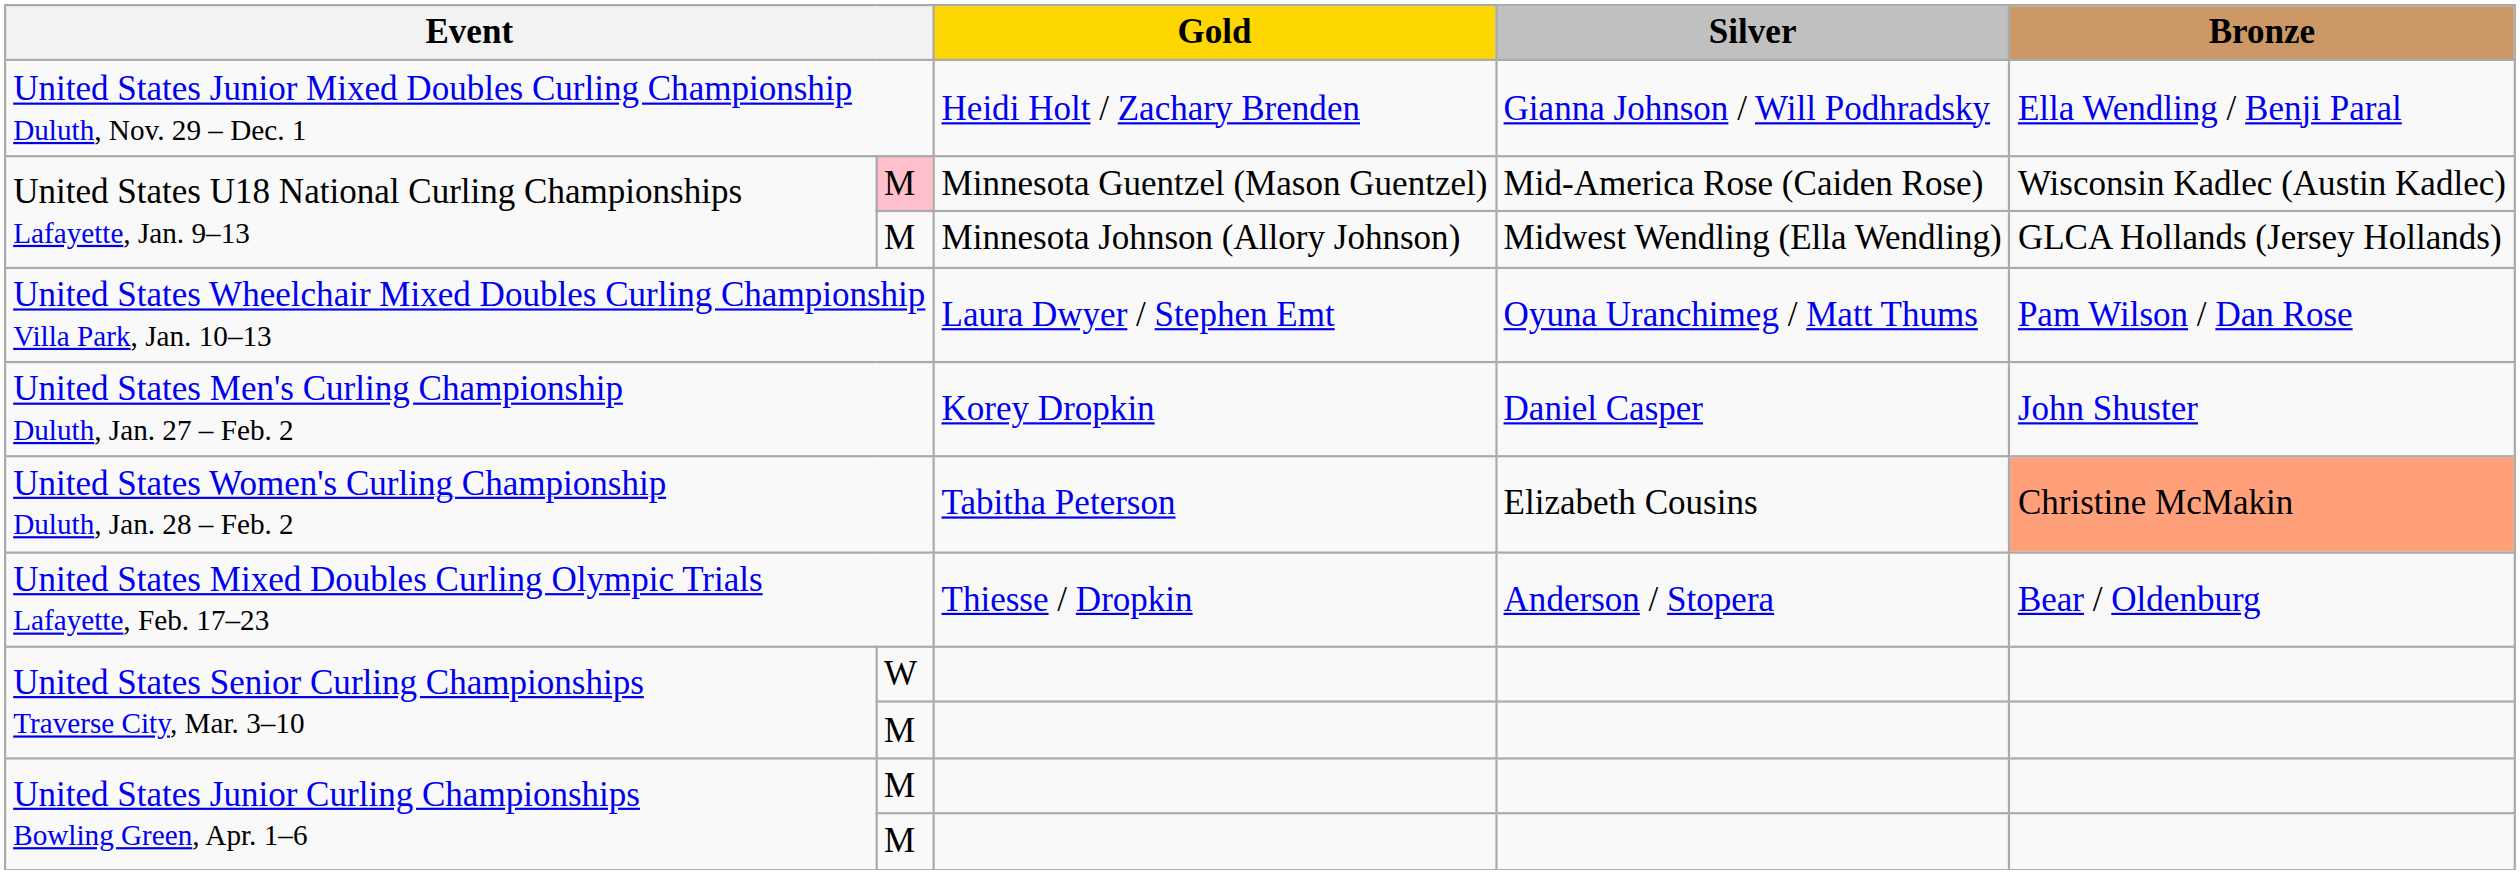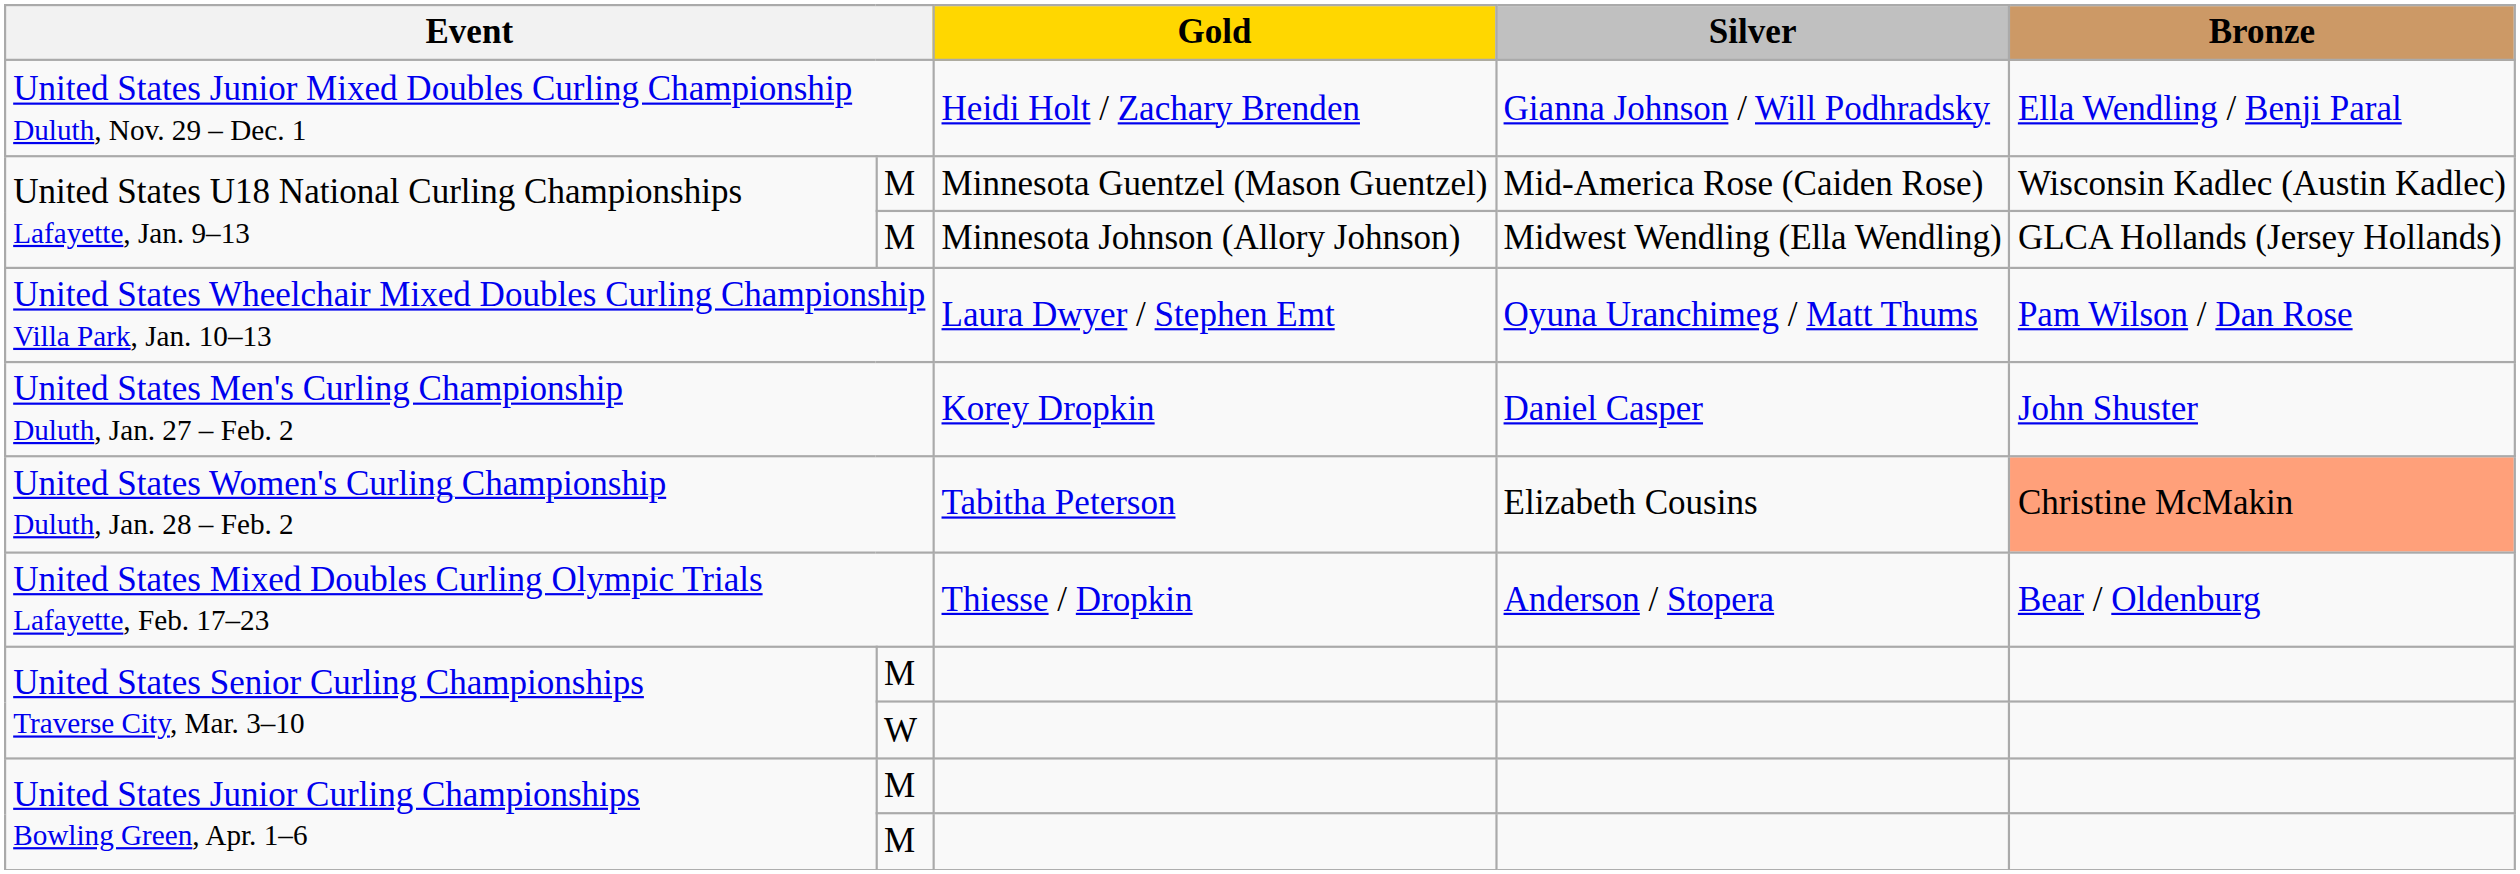 <table class="wikitable">
 <tr>
 <th colspan="2">Event</th>
 <th style="background:gold">Gold</th>
 <th style="background:silver">Silver</th>
 <th style="background:#cc9966">Bronze</th>
 </tr>
 <tr>
 <td colspan="2"><a href='#'>United States Junior Mixed Doubles Curling Championship</a> <br> <small><a href='#'>Duluth</a>, Nov. 29 – Dec. 1</small></td>
 <td><a href='#'>Heidi Holt</a> / <a href='#'>Zachary Brenden</a></td>
 <td><a href='#'>Gianna Johnson</a> / <a href='#'>Will Podhradsky</a></td>
 <td><a href='#'>Ella Wendling</a> / <a href='#'>Benji Paral</a></td>
 </tr>
 <tr>
 <td rowspan="2">United States U18 National Curling Championships <br> <small><a href='#'>Lafayette</a>, Jan. 9–13</small></td>
-<td style="background: pink;">M</td>
+<td>M</td>
 <td>Minnesota Guentzel (Mason Guentzel)</td>
 <td>Mid-America Rose (Caiden Rose)</td>
 <td>Wisconsin Kadlec (Austin Kadlec)</td>
 </tr>
 <tr>
 <td>M</td>
 <td>Minnesota Johnson (Allory Johnson)</td>
 <td>Midwest Wendling (Ella Wendling)</td>
 <td>GLCA Hollands (Jersey Hollands)</td>
 </tr>
 <tr>
 <td colspan="2"><a href='#'>United States Wheelchair Mixed Doubles Curling Championship</a> <br> <small><a href='#'>Villa Park</a>, Jan. 10–13</small></td>
 <td><a href='#'>Laura Dwyer</a> / <a href='#'>Stephen Emt</a></td>
 <td><a href='#'>Oyuna Uranchimeg</a> / <a href='#'>Matt Thums</a></td>
 <td><a href='#'>Pam Wilson</a> / <a href='#'>Dan Rose</a></td>
 </tr>
 <tr>
 <td colspan="2"><a href='#'>United States Men's Curling Championship</a> <br> <small><a href='#'>Duluth</a>, Jan. 27 – Feb. 2</small></td>
 <td> <a href='#'>Korey Dropkin</a></td>
 <td> <a href='#'>Daniel Casper</a></td>
 <td> <a href='#'>John Shuster</a></td>
 </tr>
 <tr>
 <td colspan="2"><a href='#'>United States Women's Curling Championship</a> <br> <small><a href='#'>Duluth</a>, Jan. 28 – Feb. 2</small></td>
 <td> <a href='#'>Tabitha Peterson</a></td>
 <td> Elizabeth Cousins</td>
 <td style="background: lightsalmon;"> Christine McMakin</td>
 </tr>
 <tr>
 <td colspan="2"><a href='#'>United States Mixed Doubles Curling Olympic Trials</a> <br> <small><a href='#'>Lafayette</a>, Feb. 17–23</small></td>
 <td> <a href='#'>Thiesse</a> / <a href='#'>Dropkin</a></td>
 <td> <a href='#'>Anderson</a> / <a href='#'>Stopera</a></td>
 <td> <a href='#'>Bear</a> / <a href='#'>Oldenburg</a></td>
 </tr>
 <tr>
 <td rowspan="2"><a href='#'>United States Senior Curling Championships</a> <br> <small><a href='#'>Traverse City</a>, Mar. 3–10</small></td>
-<td>W</td>
+<td>M</td>
 <td></td>
 <td></td>
 <td></td>
 </tr>
 <tr>
-<td>M</td>
+<td>W</td>
 <td></td>
 <td></td>
 <td></td>
 </tr>
 <tr>
 <td rowspan="2"><a href='#'>United States Junior Curling Championships</a> <br> <small><a href='#'>Bowling Green</a>, Apr. 1–6</small></td>
 <td>M</td>
 <td></td>
 <td></td>
 <td></td>
 </tr>
 <tr>
 <td>M</td>
 <td></td>
 <td></td>
 <td></td>
 </tr>
 </table>
